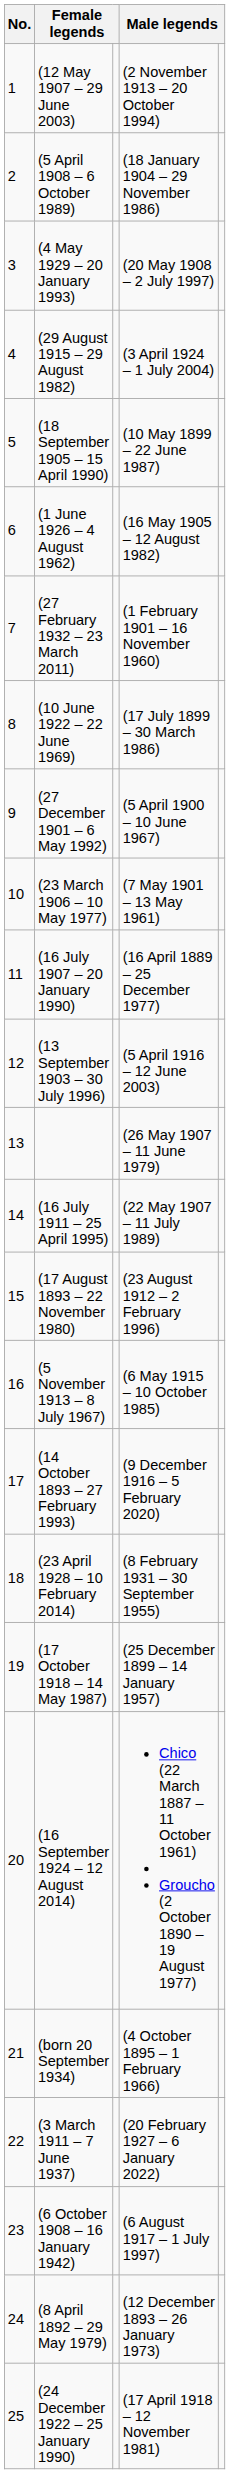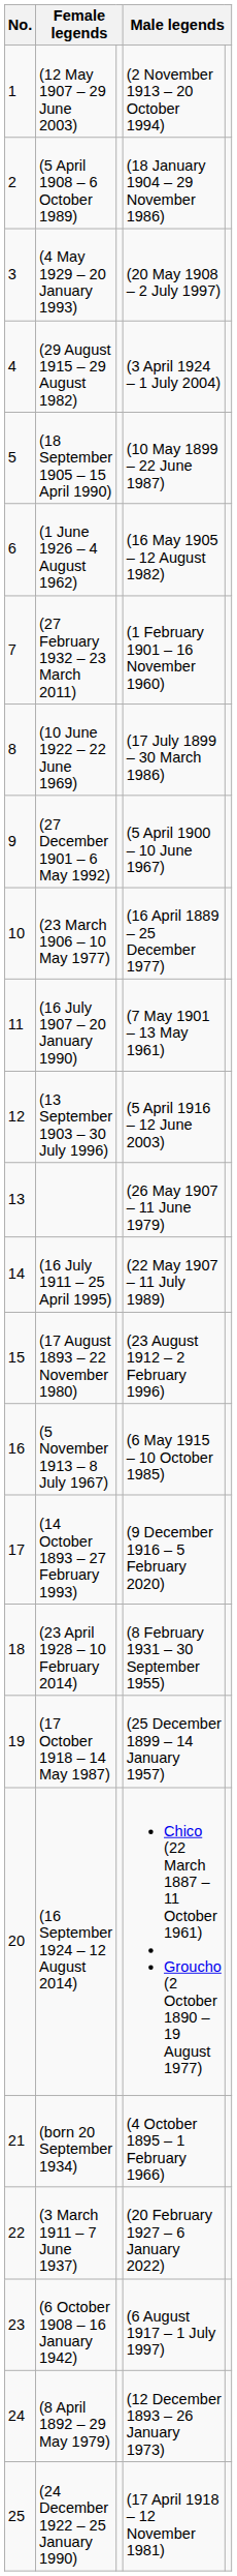 <table class="wikitable sortable" style="width: 1%;">
 <tr>
 <th style="width: 1%;">No.</th>
 <th colspan="2">Female legends</th>
 <th colspan="2">Male legends</th>
 </tr>
 <tr>
 <td>1</td>
 <td><br>(12 May 1907 – 29 June 2003)</td>
 <td></td>
 <td><br>(2 November 1913 – 20 October 1994)</td>
 <td></td>
 </tr>
 <tr>
 <td>2</td>
 <td><br>(5 April 1908 – 6 October 1989)</td>
 <td></td>
 <td><br>(18 January 1904 – 29 November 1986)</td>
 <td></td>
 </tr>
 <tr>
 <td>3</td>
 <td><br>(4 May 1929 – 20 January 1993)</td>
 <td></td>
 <td><br>(20 May 1908 – 2 July 1997)</td>
 <td></td>
 </tr>
 <tr>
 <td>4</td>
 <td><br>(29 August 1915 – 29 August 1982)</td>
 <td></td>
 <td><br>(3 April 1924 – 1 July 2004)</td>
 <td></td>
 </tr>
 <tr>
 <td>5</td>
 <td><br>(18 September 1905 – 15 April 1990)</td>
 <td></td>
 <td><br>(10 May 1899 – 22 June 1987)</td>
 <td></td>
 </tr>
 <tr>
 <td>6</td>
 <td><br>(1 June 1926 – 4 August 1962)</td>
 <td></td>
 <td><br>(16 May 1905 – 12 August 1982)</td>
 <td></td>
 </tr>
 <tr>
 <td>7</td>
 <td><br>(27 February 1932 – 23 March 2011)</td>
 <td></td>
 <td><br>(1 February 1901 – 16 November 1960)</td>
 <td></td>
 </tr>
 <tr>
 <td>8</td>
 <td><br>(10 June 1922 – 22 June 1969)</td>
 <td></td>
 <td><br>(17 July 1899 – 30 March 1986)</td>
 <td></td>
 </tr>
 <tr>
 <td>9</td>
 <td><br>(27 December 1901 – 6 May 1992)</td>
 <td></td>
 <td><br>(5 April 1900 – 10 June 1967)</td>
 <td></td>
 </tr>
 <tr>
 <td>10</td>
 <td><br>(23 March 1906  – 10 May 1977)</td>
 <td></td>
-<td><br>(7 May 1901 – 13 May 1961)</td>
+<td><br>(16 April 1889 – 25 December 1977)</td>
 <td></td>
 </tr>
 <tr>
 <td>11</td>
 <td><br>(16 July 1907 – 20 January 1990)</td>
 <td></td>
-<td><br>(16 April 1889 – 25 December 1977)</td>
+<td><br>(7 May 1901 – 13 May 1961)</td>
 <td></td>
 </tr>
 <tr>
 <td>12</td>
 <td><br>(13 September 1903 – 30 July 1996)</td>
 <td></td>
 <td><br>(5 April 1916 – 12 June 2003)</td>
 <td></td>
 </tr>
 <tr>
 <td>13</td>
 <td><br></td>
 <td></td>
 <td><br>(26 May 1907 – 11 June 1979)</td>
 <td></td>
 </tr>
 <tr>
 <td>14</td>
 <td><br>(16 July 1911 – 25 April 1995)</td>
 <td></td>
 <td><br>(22 May 1907 – 11 July 1989)</td>
 <td></td>
 </tr>
 <tr>
 <td>15</td>
 <td><br>(17 August 1893 – 22 November 1980)</td>
 <td></td>
 <td><br>(23 August 1912 – 2 February 1996)</td>
 <td></td>
 </tr>
 <tr>
 <td>16</td>
 <td><br>(5 November 1913 – 8 July 1967)</td>
 <td></td>
 <td><br>(6 May 1915 – 10 October 1985)</td>
 <td></td>
 </tr>
 <tr>
 <td>17</td>
 <td><br>(14 October 1893 – 27 February 1993)</td>
 <td></td>
 <td><br>(9 December 1916 – 5 February 2020)</td>
 <td></td>
 </tr>
 <tr>
 <td>18</td>
 <td><br>(23 April 1928 – 10 February 2014)</td>
 <td></td>
 <td><br>(8 February 1931 – 30 September 1955)</td>
 <td></td>
 </tr>
 <tr>
 <td>19</td>
 <td><br>(17 October 1918 – 14 May 1987)</td>
 <td></td>
 <td><br>(25 December 1899 – 14 January 1957)</td>
 <td></td>
 </tr>
 <tr>
 <td>20</td>
 <td><br>(16 September 1924 – 12 August 2014)</td>
 <td></td>
 <td><br><ul><li><a href='#'>Chico</a> (22 March 1887 – 11 October 1961)</li><li></li><li><a href='#'>Groucho</a> (2 October 1890 – 19 August 1977)</li></ul></td>
 <td></td>
 </tr>
 <tr>
 <td>21</td>
 <td><br>(born 20 September 1934)</td>
 <td></td>
 <td><br>(4 October 1895 – 1 February 1966)</td>
 <td></td>
 </tr>
 <tr>
 <td>22</td>
 <td><br>(3 March 1911 – 7 June 1937)</td>
 <td></td>
 <td><br>(20 February 1927 – 6 January 2022)</td>
 <td></td>
 </tr>
 <tr>
 <td>23</td>
 <td><br>(6 October 1908 – 16 January 1942)</td>
 <td></td>
 <td><br>(6 August 1917 – 1 July 1997)</td>
 <td></td>
 </tr>
 <tr>
 <td>24</td>
 <td><br>(8 April 1892 – 29 May 1979)</td>
 <td></td>
 <td><br>(12 December 1893 – 26 January 1973)</td>
 <td></td>
 </tr>
 <tr>
 <td>25</td>
 <td><br>(24 December 1922 – 25 January 1990)</td>
 <td></td>
 <td><br>(17 April 1918 – 12 November 1981)</td>
 <td></td>
 </tr>
 </table>
